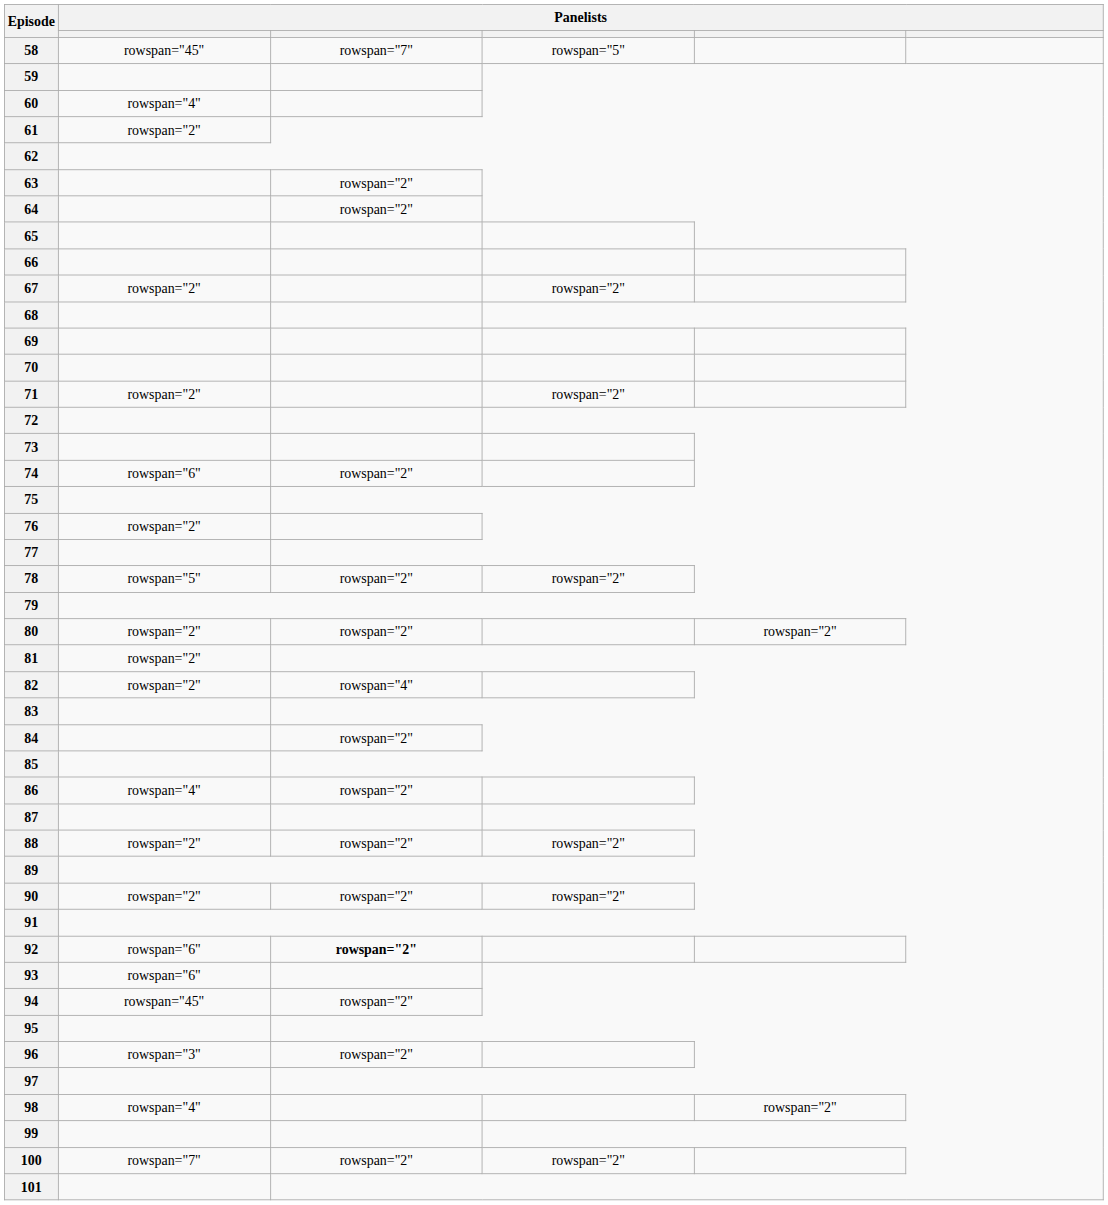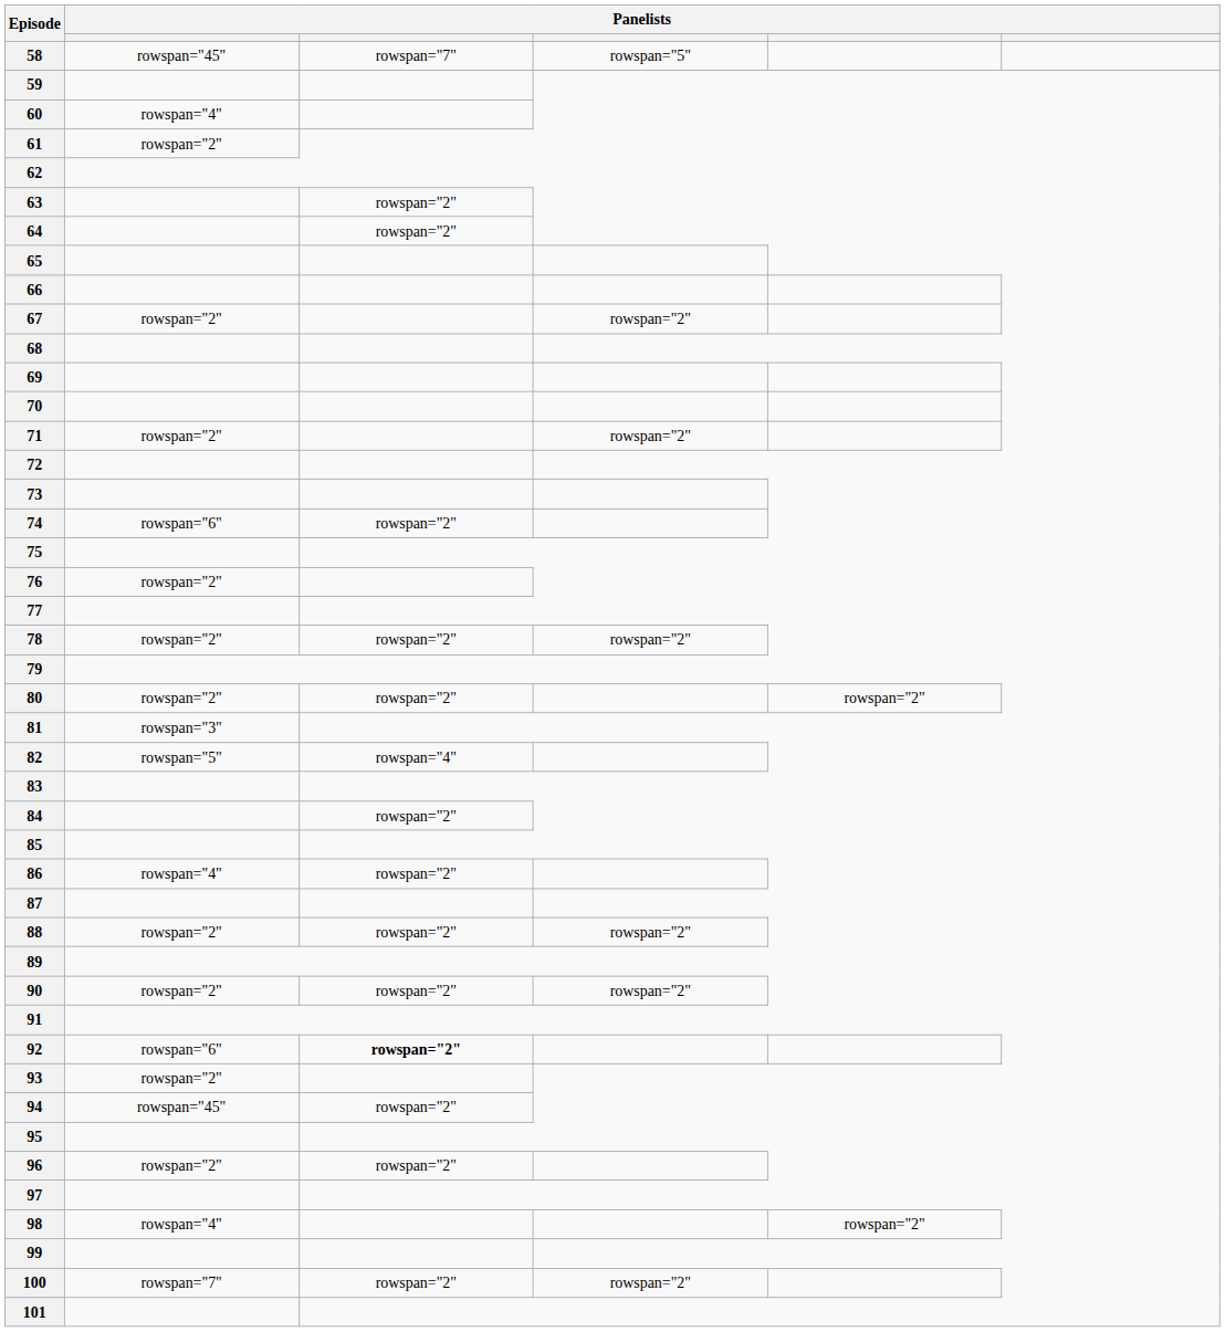 <table class="wikitable plainrowheaders mw-collapsible" style="text-align:center; line-height:23px; width:100%;">
 <tr>
 <th rowspan="2" width="1%">Episode</th>
 <th colspan="5">Panelists</th>
 </tr>
 <tr>
 <th width="20%"></th>
 <th width="20%"></th>
 <th width="20%"></th>
 <th width="20%"></th>
 <th width="20%"></th>
 </tr>
 <tr>
 <th>58</th>
 <td>rowspan="45" </td>
 <td>rowspan="7" </td>
 <td>rowspan="5" </td>
 <td></td>
 <td></td>
 </tr>
 <tr>
 <th>59</th>
 <td></td>
 <td></td>
 </tr>
 <tr>
 <th>60</th>
 <td>rowspan="4" </td>
 <td></td>
 </tr>
 <tr>
 <th>61</th>
 <td>rowspan="2" </td>
 </tr>
 <tr>
 <th>62</th>
 </tr>
 <tr>
 <th>63</th>
 <td></td>
 <td>rowspan="2" </td>
 </tr>
 <tr>
 <th>64</th>
 <td></td>
 <td>rowspan="2" </td>
 </tr>
 <tr>
 <th>65</th>
 <td></td>
 <td></td>
 <td></td>
 </tr>
 <tr>
 <th>66</th>
 <td></td>
 <td></td>
 <td></td>
 <td></td>
 </tr>
 <tr>
 <th>67</th>
 <td>rowspan="2" </td>
 <td></td>
 <td>rowspan="2" </td>
 <td></td>
 </tr>
 <tr>
 <th>68</th>
 <td></td>
 <td></td>
 </tr>
 <tr>
 <th>69</th>
 <td></td>
 <td></td>
 <td></td>
 <td></td>
 </tr>
 <tr>
 <th>70</th>
 <td></td>
 <td></td>
 <td></td>
 <td></td>
 </tr>
 <tr>
 <th>71</th>
 <td>rowspan="2"</td>
 <td></td>
 <td>rowspan="2" </td>
 <td></td>
 </tr>
 <tr>
 <th>72</th>
 <td></td>
 <td></td>
 </tr>
 <tr>
 <th>73</th>
 <td></td>
 <td></td>
 <td></td>
 </tr>
 <tr>
 <th>74</th>
 <td>rowspan="6" </td>
 <td>rowspan="2" </td>
 <td></td>
 </tr>
 <tr>
 <th>75</th>
 <td></td>
 </tr>
 <tr>
 <th>76</th>
 <td>rowspan="2"</td>
 <td></td>
 </tr>
 <tr>
 <th>77</th>
 <td></td>
 </tr>
 <tr>
 <th>78</th>
-<td>rowspan="5"</td>
+<td>rowspan="2"</td>
 <td>rowspan="2"</td>
 <td>rowspan="2"</td>
 </tr>
 <tr>
 <th>79</th>
 </tr>
 <tr>
 <th>80</th>
 <td>rowspan="2"</td>
 <td>rowspan="2"</td>
 <td></td>
 <td>rowspan="2"</td>
 </tr>
 <tr>
 <th>81</th>
-<td>rowspan="2"</td>
+<td>rowspan="3"</td>
 </tr>
 <tr>
 <th>82</th>
-<td>rowspan="2"</td>
+<td>rowspan="5"</td>
 <td>rowspan="4"</td>
 <td></td>
 </tr>
 <tr>
 <th>83</th>
 <td></td>
 </tr>
 <tr>
 <th>84</th>
 <td></td>
 <td>rowspan="2"</td>
 </tr>
 <tr>
 <th>85</th>
 <td></td>
 </tr>
 <tr>
 <th>86</th>
 <td>rowspan="4"</td>
 <td>rowspan="2"</td>
 <td></td>
 </tr>
 <tr>
 <th>87</th>
 <td></td>
 <td></td>
 </tr>
 <tr>
 <th>88</th>
 <td>rowspan="2"</td>
 <td>rowspan="2"</td>
 <td>rowspan="2"</td>
 </tr>
 <tr>
 <th>89</th>
 </tr>
 <tr>
 <th>90</th>
 <td>rowspan="2"</td>
 <td>rowspan="2"</td>
 <td>rowspan="2"</td>
 </tr>
 <tr>
 <th>91</th>
 </tr>
 <tr>
 <th>92</th>
 <td>rowspan="6"</td>
 <td><strong>rowspan="2"</strong></td>
 <td></td>
 <td></td>
 </tr>
 <tr>
 <th>93</th>
-<td>rowspan="6" </td>
+<td>rowspan="2"</td>
 <td></td>
 </tr>
 <tr>
 <th>94</th>
 <td>rowspan="45" </td>
 <td>rowspan="2"</td>
 </tr>
 <tr>
 <th>95</th>
 <td></td>
 </tr>
 <tr>
 <th>96</th>
-<td>rowspan="3"</td>
+<td>rowspan="2"</td>
 <td>rowspan="2"</td>
 <td></td>
 </tr>
 <tr>
 <th>97</th>
 <td></td>
 </tr>
 <tr>
 <th>98</th>
 <td>rowspan="4"</td>
 <td></td>
 <td></td>
 <td>rowspan="2"</td>
 </tr>
 <tr>
 <th>99</th>
 <td></td>
 <td></td>
 </tr>
 <tr>
 <th>100</th>
 <td>rowspan="7" </td>
 <td>rowspan="2"</td>
 <td>rowspan="2"</td>
 <td></td>
 </tr>
 <tr>
 <th>101</th>
 <td></td>
 </tr>
 </table>
